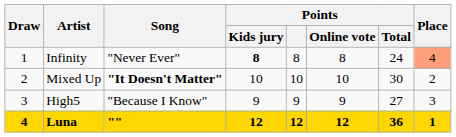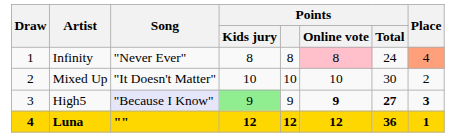 <table class="sortable wikitable" style="margin:1em auto 1em auto">
 <tr>
 <th rowspan="2">Draw</th>
 <th rowspan="2">Artist</th>
 <th rowspan="2">Song</th>
 <th colspan="4">Points</th>
 <th rowspan="2">Place</th>
 </tr>
 <tr>
 <th scope="col">Kids jury</th>
 <th scope="col"></th>
 <th scope="col">Online vote</th>
 <th scope="col">Total</th>
 </tr>
 <tr>
 <td scope="row" style="text-align:center;">1</td>
 <td>Infinity</td>
 <td>"Never Ever"</td>
-<td align="center"><strong>8</strong></td>
 <td align="center">8</td>
 <td align="center">8</td>
+<td align="center" style="background: pink;">8</td>
 <td align="center">24</td>
 <td align="center" style="background: lightsalmon;">4</td>
 </tr>
 <tr>
 <td scope="row" style="text-align:center;">2</td>
 <td>Mixed Up</td>
-<td><strong>"It Doesn't Matter"</strong></td>
+<td>"It Doesn't Matter"</td>
 <td align="center">10</td>
 <td align="center">10</td>
 <td align="center">10</td>
 <td align="center">30</td>
 <td align="center">2</td>
 </tr>
 <tr>
 <td scope="row" style="text-align:center;">3</td>
 <td>High5</td>
-<td>"Because I Know"</td>
+<td style="background: lavender;">"Because I Know"</td>
+<td align="center" style="background: lightgreen;">9</td>
 <td align="center">9</td>
-<td align="center">9</td>
-<td align="center">9</td>
-<td align="center">27</td>
-<td align="center">3</td>
+<td align="center"><strong>9</strong></td>
+<td align="center"><strong>27</strong></td>
+<td align="center"><strong>3</strong></td>
 </tr>
 <tr style="font-weight:bold; background:gold;">
 <td scope="row" style="text-align:center;">4</td>
 <td>Luna</td>
 <td>""</td>
 <td align="center">12</td>
 <td align="center">12</td>
 <td align="center">12</td>
 <td align="center">36</td>
 <td align="center">1</td>
 </tr>
 </table>
